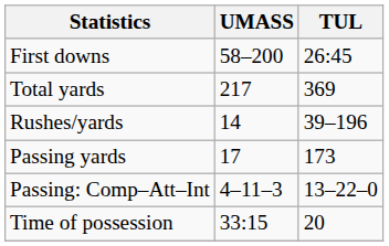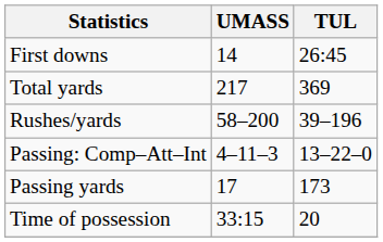 <table class="wikitable" style="float: left;">
 <tr>
 <th>Statistics</th>
 <th>UMASS</th>
 <th>TUL</th>
 </tr>
 <tr>
 <td>First downs</td>
-<td>58–200</td>
+<td>14</td>
 <td>26:45</td>
 </tr>
 <tr>
 <td>Total yards</td>
 <td>217</td>
 <td>369</td>
 </tr>
 <tr>
 <td>Rushes/yards</td>
-<td>14</td>
+<td>58–200</td>
 <td>39–196</td>
+</tr>
+<tr>
+<td>Passing: Comp–Att–Int</td>
+<td>4–11–3</td>
+<td>13–22–0</td>
 </tr>
 <tr>
 <td>Passing yards</td>
 <td>17</td>
 <td>173</td>
-</tr>
-<tr>
-<td>Passing: Comp–Att–Int</td>
-<td>4–11–3</td>
-<td>13–22–0</td>
 </tr>
 <tr>
 <td>Time of possession</td>
 <td>33:15</td>
 <td>20</td>
 </tr>
 <tr>
 </tr>
 </table>
